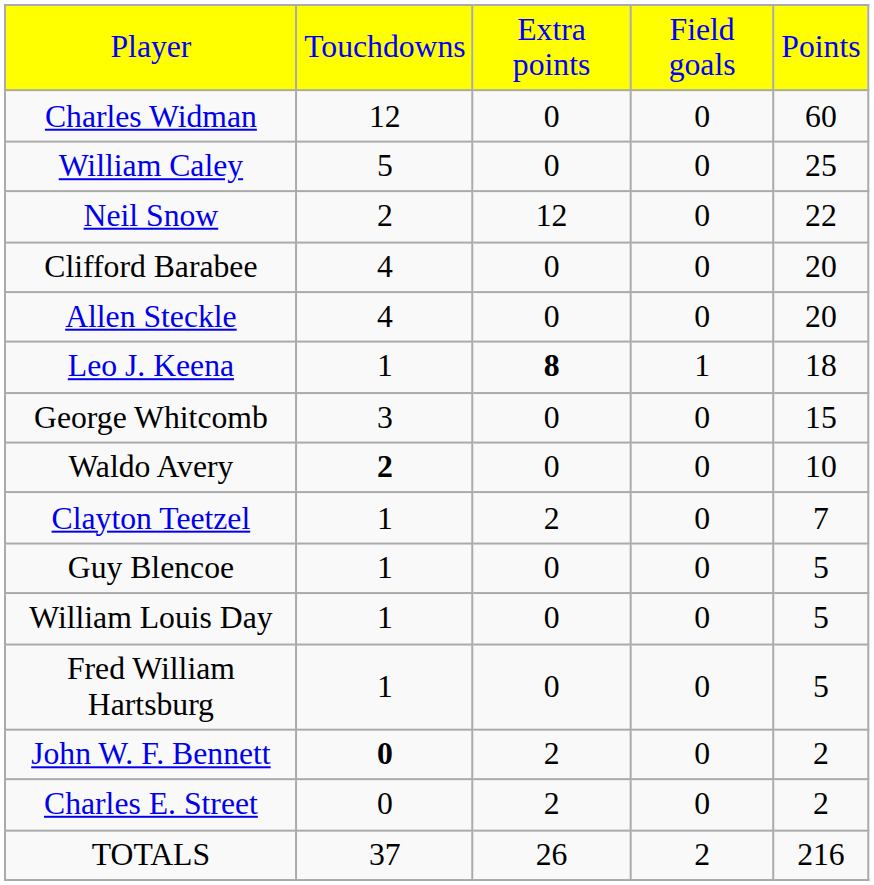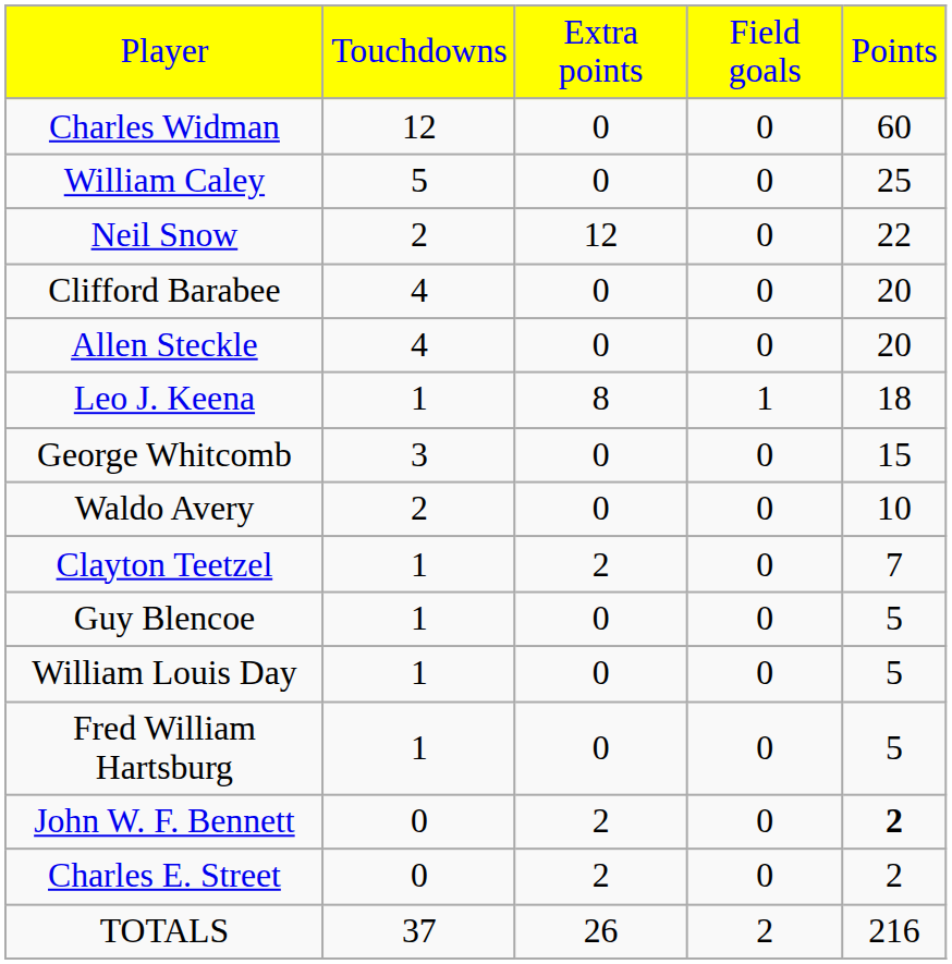 <table class="wikitable" width="70%">
 <tr align="center"  style="background:yellow;color:blue;">
 <td>Player</td>
 <td>Touchdowns</td>
 <td>Extra points</td>
 <td>Field goals</td>
 <td>Points</td>
 </tr>
 <tr align="center" bgcolor="">
 <td><a href='#'>Charles Widman</a></td>
 <td>12</td>
 <td>0</td>
 <td>0</td>
 <td>60</td>
 </tr>
 <tr align="center" bgcolor="">
 <td><a href='#'>William Caley</a></td>
 <td>5</td>
 <td>0</td>
 <td>0</td>
 <td>25</td>
 </tr>
 <tr align="center" bgcolor="">
 <td><a href='#'>Neil Snow</a></td>
 <td>2</td>
 <td>12</td>
 <td>0</td>
 <td>22</td>
 </tr>
 <tr align="center" bgcolor="">
 <td>Clifford Barabee</td>
 <td>4</td>
 <td>0</td>
 <td>0</td>
 <td>20</td>
 </tr>
 <tr align="center" bgcolor="">
 <td><a href='#'>Allen Steckle</a></td>
 <td>4</td>
 <td>0</td>
 <td>0</td>
 <td>20</td>
 </tr>
 <tr align="center" bgcolor="">
 <td><a href='#'>Leo J. Keena</a></td>
 <td>1</td>
-<td><strong>8</strong></td>
+<td>8</td>
 <td>1</td>
 <td>18</td>
 </tr>
 <tr align="center" bgcolor="">
 <td>George Whitcomb</td>
 <td>3</td>
 <td>0</td>
 <td>0</td>
 <td>15</td>
 </tr>
 <tr align="center" bgcolor="">
 <td>Waldo Avery</td>
-<td><strong>2</strong></td>
+<td>2</td>
 <td>0</td>
 <td>0</td>
 <td>10</td>
 </tr>
 <tr align="center" bgcolor="">
 <td><a href='#'>Clayton Teetzel</a></td>
 <td>1</td>
 <td>2</td>
 <td>0</td>
 <td>7</td>
 </tr>
 <tr align="center" bgcolor="">
 <td>Guy Blencoe</td>
 <td>1</td>
 <td>0</td>
 <td>0</td>
 <td>5</td>
 </tr>
 <tr align="center" bgcolor="">
 <td>William Louis Day</td>
 <td>1</td>
 <td>0</td>
 <td>0</td>
 <td>5</td>
 </tr>
 <tr align="center" bgcolor="">
 <td>Fred William Hartsburg</td>
 <td>1</td>
 <td>0</td>
 <td>0</td>
 <td>5</td>
 </tr>
 <tr align="center" bgcolor="">
 <td><a href='#'>John W. F. Bennett</a></td>
-<td><strong>0</strong></td>
+<td>0</td>
 <td>2</td>
 <td>0</td>
-<td>2</td>
+<td><strong>2</strong></td>
 </tr>
 <tr align="center" bgcolor="">
 <td><a href='#'>Charles E. Street</a></td>
 <td>0</td>
 <td>2</td>
 <td>0</td>
 <td>2</td>
 </tr>
 <tr align="center" bgcolor="">
 <td>TOTALS</td>
 <td>37</td>
 <td>26</td>
 <td>2</td>
 <td>216</td>
 </tr>
 <tr align="center" bgcolor="">
 </tr>
 </table>
